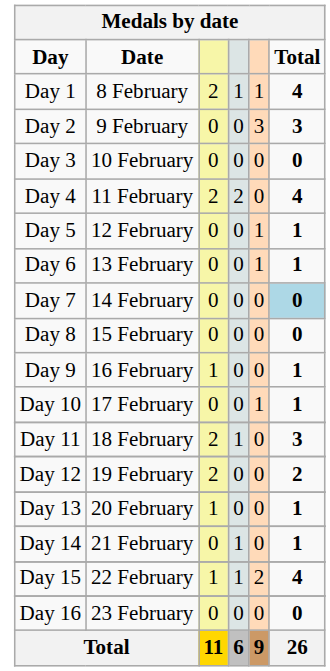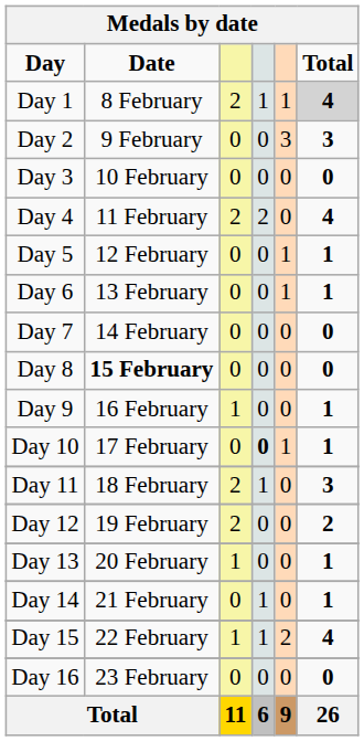 <table class=wikitable style="font-size:85%;float:right;clear:right;">
 <tr bgcolor=efefef>
 <th colspan=6>Medals by date</th>
 </tr>
 <tr align=center>
 <td><strong>Day</strong></td>
 <td><strong>Date</strong></td>
 <td bgcolor=#f7f6a8></td>
 <td bgcolor=#dce5e5></td>
 <td bgcolor=#ffdab9></td>
 <td><strong>Total</strong></td>
 </tr>
 <tr align=center>
 <td>Day 1</td>
 <td>8 February</td>
 <td bgcolor=F7F6A8>2</td>
 <td bgcolor=DCE5E5>1</td>
 <td bgcolor=FFDAB9>1</td>
-<td><strong>4</strong></td>
+<td style="background: lightgrey;"><strong>4</strong></td>
 </tr>
 <tr align=center>
 <td>Day 2</td>
 <td>9 February</td>
 <td bgcolor=F7F6A8>0</td>
 <td bgcolor=DCE5E5>0</td>
 <td bgcolor=FFDAB9>3</td>
 <td><strong>3</strong></td>
 </tr>
 <tr align=center>
 <td>Day 3</td>
 <td>10 February</td>
 <td bgcolor=F7F6A8>0</td>
 <td bgcolor=DCE5E5>0</td>
 <td bgcolor=FFDAB9>0</td>
 <td><strong>0</strong></td>
 </tr>
 <tr align=center>
 <td>Day 4</td>
 <td>11 February</td>
 <td bgcolor=F7F6A8>2</td>
 <td bgcolor=DCE5E5>2</td>
 <td bgcolor=FFDAB9>0</td>
 <td><strong>4</strong></td>
 </tr>
 <tr align=center>
 <td>Day 5</td>
 <td>12 February</td>
 <td bgcolor=F7F6A8>0</td>
 <td bgcolor=DCE5E5>0</td>
 <td bgcolor=FFDAB9>1</td>
 <td><strong>1</strong></td>
 </tr>
 <tr align=center>
 <td>Day 6</td>
 <td>13 February</td>
 <td bgcolor=F7F6A8>0</td>
 <td bgcolor=DCE5E5>0</td>
 <td bgcolor=FFDAB9>1</td>
 <td><strong>1</strong></td>
 </tr>
 <tr align=center>
 <td>Day 7</td>
 <td>14 February</td>
 <td bgcolor=F7F6A8>0</td>
 <td bgcolor=DCE5E5>0</td>
 <td bgcolor=FFDAB9>0</td>
-<td style="background: lightblue;"><strong>0</strong></td>
+<td><strong>0</strong></td>
 </tr>
 <tr align=center>
 <td>Day 8</td>
-<td>15 February</td>
+<td><strong>15 February</strong></td>
 <td bgcolor=F7F6A8>0</td>
 <td bgcolor=DCE5E5>0</td>
 <td bgcolor=FFDAB9>0</td>
 <td><strong>0</strong></td>
 </tr>
 <tr align=center>
 <td>Day 9</td>
 <td>16 February</td>
 <td bgcolor=F7F6A8>1</td>
 <td bgcolor=DCE5E5>0</td>
 <td bgcolor=FFDAB9>0</td>
 <td><strong>1</strong></td>
 </tr>
 <tr align=center>
 <td>Day 10</td>
 <td>17 February</td>
 <td bgcolor=F7F6A8>0</td>
-<td bgcolor=DCE5E5>0</td>
+<td bgcolor=DCE5E5><strong>0</strong></td>
 <td bgcolor=FFDAB9>1</td>
 <td><strong>1</strong></td>
 </tr>
 <tr>
 </tr>
 <tr align=center>
 <td>Day 11</td>
 <td>18 February</td>
 <td bgcolor=F7F6A8>2</td>
 <td bgcolor=DCE5E5>1</td>
 <td bgcolor=FFDAB9>0</td>
 <td><strong>3</strong></td>
 </tr>
 <tr>
 </tr>
 <tr align=center>
 <td>Day 12</td>
 <td>19 February</td>
 <td bgcolor=F7F6A8>2</td>
 <td bgcolor=DCE5E5>0</td>
 <td bgcolor=FFDAB9>0</td>
 <td><strong>2</strong></td>
 </tr>
 <tr>
 </tr>
 <tr align=center>
 <td>Day 13</td>
 <td>20 February</td>
 <td bgcolor=F7F6A8>1</td>
 <td bgcolor=DCE5E5>0</td>
 <td bgcolor=FFDAB9>0</td>
 <td><strong>1</strong></td>
 </tr>
 <tr>
 </tr>
 <tr align=center>
 <td>Day 14</td>
 <td>21 February</td>
 <td bgcolor=F7F6A8>0</td>
 <td bgcolor=DCE5E5>1</td>
 <td bgcolor=FFDAB9>0</td>
 <td><strong>1</strong></td>
 </tr>
 <tr>
 </tr>
 <tr align=center>
 <td>Day 15</td>
 <td>22 February</td>
 <td bgcolor=F7F6A8>1</td>
 <td bgcolor=DCE5E5>1</td>
 <td bgcolor=FFDAB9>2</td>
 <td><strong>4</strong></td>
 </tr>
 <tr>
 </tr>
 <tr align=center>
 <td>Day 16</td>
 <td>23 February</td>
 <td bgcolor=F7F6A8>0</td>
 <td bgcolor=DCE5E5>0</td>
 <td bgcolor=FFDAB9>0</td>
 <td><strong>0</strong></td>
 </tr>
 <tr>
 <th colspan=2>Total</th>
 <th style="background:gold">11</th>
 <th style="background:silver">6</th>
 <th style="background:#c96">9</th>
 <th>26</th>
 </tr>
 </table>
